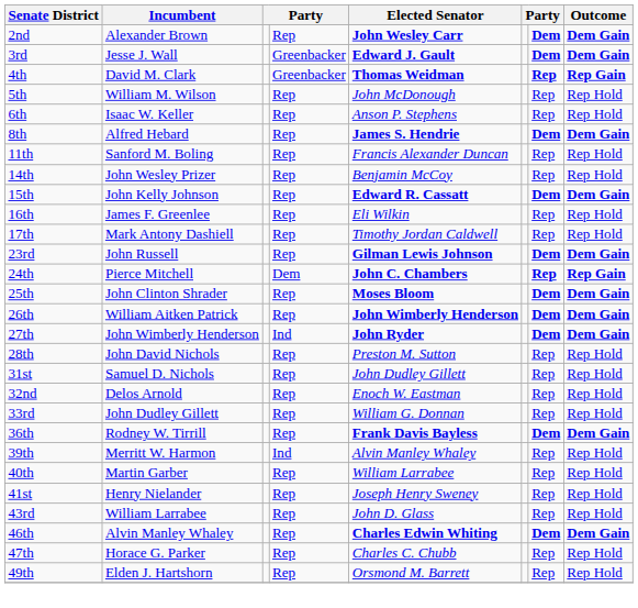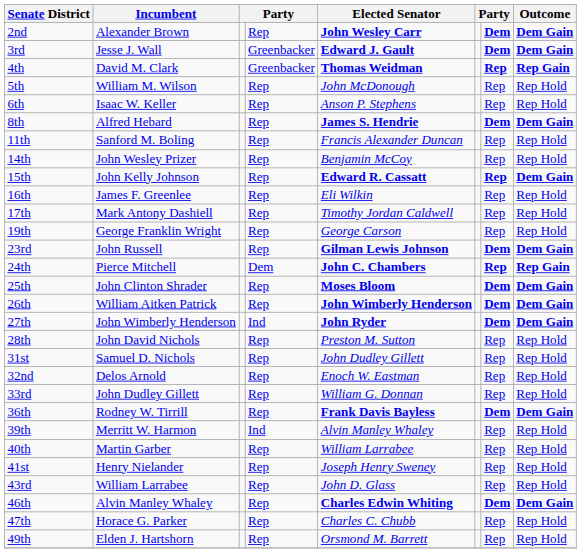 <table class="sortable wikitable" style="font-size:95%;line-height:14px;">
 <tr>
 <th class="sortable"><a href='#'>Senate</a> District</th>
 <th class="sortable"><a href='#'>Incumbent</a></th>
 <th colspan="2">Party</th>
 <th class="sortable">Elected Senator</th>
 <th colspan="2">Party</th>
 <th class="sortable">Outcome</th>
 </tr>
 <tr>
 <td><a href='#'>2nd</a></td>
 <td><a href='#'>Alexander Brown</a></td>
 <td style="background:"></td>
 <td><a href='#'>Rep</a></td>
 <td><strong><a href='#'>John Wesley Carr</a></strong></td>
 <td style="background:"></td>
 <td><strong><a href='#'>Dem</a></strong></td>
 <td><strong><a href='#'>Dem Gain</a></strong></td>
 </tr>
 <tr>
 <td><a href='#'>3rd</a></td>
 <td><a href='#'>Jesse J. Wall</a></td>
 <td style="background:"></td>
 <td><a href='#'>Greenbacker</a></td>
 <td><strong><a href='#'>Edward J. Gault</a></strong></td>
 <td style="background:"></td>
 <td><strong><a href='#'>Dem</a></strong></td>
 <td><strong><a href='#'>Dem Gain</a></strong></td>
 </tr>
 <tr>
 <td><a href='#'>4th</a></td>
 <td><a href='#'>David M. Clark</a></td>
 <td style="background:"></td>
 <td><a href='#'>Greenbacker</a></td>
 <td><strong><a href='#'>Thomas Weidman</a></strong></td>
 <td style="background:"></td>
 <td><strong><a href='#'>Rep</a></strong></td>
 <td><strong><a href='#'>Rep Gain</a></strong></td>
 </tr>
 <tr>
 <td><a href='#'>5th</a></td>
 <td><a href='#'>William M. Wilson</a></td>
 <td style="background:"></td>
 <td><a href='#'>Rep</a></td>
 <td><em><a href='#'>John McDonough</a></em></td>
 <td style="background:"></td>
 <td><a href='#'>Rep</a></td>
 <td><a href='#'>Rep Hold</a></td>
 </tr>
 <tr>
 <td><a href='#'>6th</a></td>
 <td><a href='#'>Isaac W. Keller</a></td>
 <td style="background:"></td>
 <td><a href='#'>Rep</a></td>
 <td><em><a href='#'>Anson P. Stephens</a></em></td>
 <td style="background:"></td>
 <td><a href='#'>Rep</a></td>
 <td><a href='#'>Rep Hold</a></td>
 </tr>
 <tr>
 <td><a href='#'>8th</a></td>
 <td><a href='#'>Alfred Hebard</a></td>
 <td style="background:"></td>
 <td><a href='#'>Rep</a></td>
 <td><strong><a href='#'>James S. Hendrie</a></strong></td>
 <td style="background:"></td>
 <td><strong><a href='#'>Dem</a></strong></td>
 <td><strong><a href='#'>Dem Gain</a></strong></td>
 </tr>
 <tr>
 <td><a href='#'>11th</a></td>
 <td><a href='#'>Sanford M. Boling</a></td>
 <td style="background:"></td>
 <td><a href='#'>Rep</a></td>
 <td><em><a href='#'>Francis Alexander Duncan</a></em></td>
 <td style="background:"></td>
 <td><a href='#'>Rep</a></td>
 <td><a href='#'>Rep Hold</a></td>
 </tr>
 <tr>
 <td><a href='#'>14th</a></td>
 <td><a href='#'>John Wesley Prizer</a></td>
 <td style="background:"></td>
 <td><a href='#'>Rep</a></td>
 <td><em><a href='#'>Benjamin McCoy</a></em></td>
 <td style="background:"></td>
 <td><a href='#'>Rep</a></td>
 <td><a href='#'>Rep Hold</a></td>
 </tr>
 <tr>
 <td><a href='#'>15th</a></td>
 <td><a href='#'>John Kelly Johnson</a></td>
 <td style="background:"></td>
 <td><a href='#'>Rep</a></td>
 <td><strong><a href='#'>Edward R. Cassatt</a></strong></td>
 <td style="background:"></td>
-<td><strong><a href='#'>Dem</a></strong></td>
+<td><strong><a href='#'>Rep</a></strong></td>
 <td><strong><a href='#'>Dem Gain</a></strong></td>
 </tr>
 <tr>
 <td><a href='#'>16th</a></td>
 <td><a href='#'>James F. Greenlee</a></td>
 <td style="background:"></td>
 <td><a href='#'>Rep</a></td>
 <td><em><a href='#'>Eli Wilkin</a></em></td>
 <td style="background:"></td>
 <td><a href='#'>Rep</a></td>
 <td><a href='#'>Rep Hold</a></td>
 </tr>
 <tr>
 <td><a href='#'>17th</a></td>
 <td><a href='#'>Mark Antony Dashiell</a></td>
 <td style="background:"></td>
 <td><a href='#'>Rep</a></td>
 <td><em><a href='#'>Timothy Jordan Caldwell</a></em></td>
+<td style="background:"></td>
+<td><a href='#'>Rep</a></td>
+<td><a href='#'>Rep Hold</a></td>
+</tr>
+<tr>
+<td><a href='#'>19th</a></td>
+<td><a href='#'>George Franklin Wright</a></td>
+<td style="background:"></td>
+<td><a href='#'>Rep</a></td>
+<td><em><a href='#'>George Carson</a></em></td>
 <td style="background:"></td>
 <td><a href='#'>Rep</a></td>
 <td><a href='#'>Rep Hold</a></td>
 </tr>
 <tr>
 <td><a href='#'>23rd</a></td>
 <td><a href='#'>John Russell</a></td>
 <td style="background:"></td>
 <td><a href='#'>Rep</a></td>
 <td><strong><a href='#'>Gilman Lewis Johnson</a></strong></td>
 <td style="background:"></td>
 <td><strong><a href='#'>Dem</a></strong></td>
 <td><strong><a href='#'>Dem Gain</a></strong></td>
 </tr>
 <tr>
 <td><a href='#'>24th</a></td>
 <td><a href='#'>Pierce Mitchell</a></td>
 <td style="background:"></td>
 <td><a href='#'>Dem</a></td>
 <td><strong><a href='#'>John C. Chambers</a></strong></td>
 <td style="background:"></td>
 <td><strong><a href='#'>Rep</a></strong></td>
 <td><strong><a href='#'>Rep Gain</a></strong></td>
 </tr>
 <tr>
 <td><a href='#'>25th</a></td>
 <td><a href='#'>John Clinton Shrader</a></td>
 <td style="background:"></td>
 <td><a href='#'>Rep</a></td>
 <td><strong><a href='#'>Moses Bloom</a></strong></td>
 <td style="background:"></td>
 <td><strong><a href='#'>Dem</a></strong></td>
 <td><strong><a href='#'>Dem Gain</a></strong></td>
 </tr>
 <tr>
 <td><a href='#'>26th</a></td>
 <td><a href='#'>William Aitken Patrick</a></td>
 <td style="background:"></td>
 <td><a href='#'>Rep</a></td>
 <td><strong><a href='#'>John Wimberly Henderson</a></strong></td>
 <td style="background:"></td>
 <td><strong><a href='#'>Dem</a></strong></td>
 <td><strong><a href='#'>Dem Gain</a></strong></td>
 </tr>
 <tr>
 <td><a href='#'>27th</a></td>
 <td><a href='#'>John Wimberly Henderson</a></td>
 <td style="background:"></td>
 <td><a href='#'>Ind</a></td>
 <td><strong><a href='#'>John Ryder</a></strong></td>
 <td style="background:"></td>
 <td><strong><a href='#'>Dem</a></strong></td>
 <td><strong><a href='#'>Dem Gain</a></strong></td>
 </tr>
 <tr>
 <td><a href='#'>28th</a></td>
 <td><a href='#'>John David Nichols</a></td>
 <td style="background:"></td>
 <td><a href='#'>Rep</a></td>
 <td><em><a href='#'>Preston M. Sutton</a></em></td>
 <td style="background:"></td>
 <td><a href='#'>Rep</a></td>
 <td><a href='#'>Rep Hold</a></td>
 </tr>
 <tr>
 <td><a href='#'>31st</a></td>
 <td><a href='#'>Samuel D. Nichols</a></td>
 <td style="background:"></td>
 <td><a href='#'>Rep</a></td>
 <td><em><a href='#'>John Dudley Gillett</a></em></td>
 <td style="background:"></td>
 <td><a href='#'>Rep</a></td>
 <td><a href='#'>Rep Hold</a></td>
 </tr>
 <tr>
 <td><a href='#'>32nd</a></td>
 <td><a href='#'>Delos Arnold</a></td>
 <td style="background:"></td>
 <td><a href='#'>Rep</a></td>
 <td><em><a href='#'>Enoch W. Eastman</a></em></td>
 <td style="background:"></td>
 <td><a href='#'>Rep</a></td>
 <td><a href='#'>Rep Hold</a></td>
 </tr>
 <tr>
 <td><a href='#'>33rd</a></td>
 <td><a href='#'>John Dudley Gillett</a></td>
 <td style="background:"></td>
 <td><a href='#'>Rep</a></td>
 <td><em><a href='#'>William G. Donnan</a></em></td>
 <td style="background:"></td>
 <td><a href='#'>Rep</a></td>
 <td><a href='#'>Rep Hold</a></td>
 </tr>
 <tr>
 <td><a href='#'>36th</a></td>
 <td><a href='#'>Rodney W. Tirrill</a></td>
 <td style="background:"></td>
 <td><a href='#'>Rep</a></td>
 <td><strong><a href='#'>Frank Davis Bayless</a></strong></td>
 <td style="background:"></td>
 <td><strong><a href='#'>Dem</a></strong></td>
 <td><strong><a href='#'>Dem Gain</a></strong></td>
 </tr>
 <tr>
 <td><a href='#'>39th</a></td>
 <td><a href='#'>Merritt W. Harmon</a></td>
 <td style="background:"></td>
 <td><a href='#'>Ind</a></td>
 <td><em><a href='#'>Alvin Manley Whaley</a></em></td>
 <td style="background:"></td>
 <td><a href='#'>Rep</a></td>
 <td><a href='#'>Rep Hold</a></td>
 </tr>
 <tr>
 <td><a href='#'>40th</a></td>
 <td><a href='#'>Martin Garber</a></td>
 <td style="background:"></td>
 <td><a href='#'>Rep</a></td>
 <td><em><a href='#'>William Larrabee</a></em></td>
 <td style="background:"></td>
 <td><a href='#'>Rep</a></td>
 <td><a href='#'>Rep Hold</a></td>
 </tr>
 <tr>
 <td><a href='#'>41st</a></td>
 <td><a href='#'>Henry Nielander</a></td>
 <td style="background:"></td>
 <td><a href='#'>Rep</a></td>
 <td><em><a href='#'>Joseph Henry Sweney</a></em></td>
 <td style="background:"></td>
 <td><a href='#'>Rep</a></td>
 <td><a href='#'>Rep Hold</a></td>
 </tr>
 <tr>
 <td><a href='#'>43rd</a></td>
 <td><a href='#'>William Larrabee</a></td>
 <td style="background:"></td>
 <td><a href='#'>Rep</a></td>
 <td><em><a href='#'>John D. Glass</a></em></td>
 <td style="background:"></td>
 <td><a href='#'>Rep</a></td>
 <td><a href='#'>Rep Hold</a></td>
 </tr>
 <tr>
 <td><a href='#'>46th</a></td>
 <td><a href='#'>Alvin Manley Whaley</a></td>
 <td style="background:"></td>
 <td><a href='#'>Rep</a></td>
 <td><strong><a href='#'>Charles Edwin Whiting</a></strong></td>
 <td style="background:"></td>
 <td><strong><a href='#'>Dem</a></strong></td>
 <td><strong><a href='#'>Dem Gain</a></strong></td>
 </tr>
 <tr>
 <td><a href='#'>47th</a></td>
 <td><a href='#'>Horace G. Parker</a></td>
 <td style="background:"></td>
 <td><a href='#'>Rep</a></td>
 <td><em><a href='#'>Charles C. Chubb</a></em></td>
 <td style="background:"></td>
 <td><a href='#'>Rep</a></td>
 <td><a href='#'>Rep Hold</a></td>
 </tr>
 <tr>
 <td><a href='#'>49th</a></td>
 <td><a href='#'>Elden J. Hartshorn</a></td>
 <td style="background:"></td>
 <td><a href='#'>Rep</a></td>
 <td><em><a href='#'>Orsmond M. Barrett</a></em></td>
 <td style="background:"></td>
 <td><a href='#'>Rep</a></td>
 <td><a href='#'>Rep Hold</a></td>
 </tr>
 <tr>
 </tr>
 </table>
